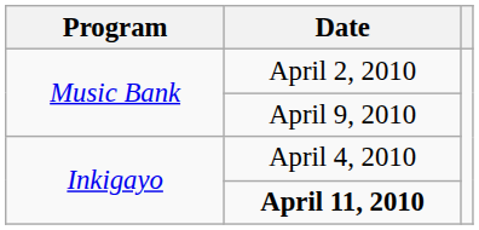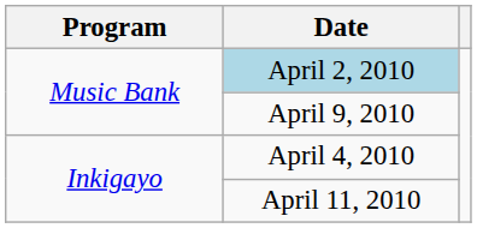 <table class="wikitable" style="text-align:center">
 <tr>
 <th width="120">Program</th>
 <th width="130">Date</th>
 <th></th>
 </tr>
 <tr>
 <td rowspan="2"><a href='#'><em>Music Bank</em></a></td>
-<td>April 2, 2010</td>
+<td style="background: lightblue;">April 2, 2010</td>
 <td rowspan="4"></td>
 </tr>
 <tr>
 <td>April 9, 2010</td>
 </tr>
 <tr>
 <td rowspan="2"><em><a href='#'>Inkigayo</a></em></td>
 <td>April 4, 2010</td>
 </tr>
 <tr>
-<td><strong>April 11, 2010</strong></td>
+<td>April 11, 2010</td>
 </tr>
 </table>
